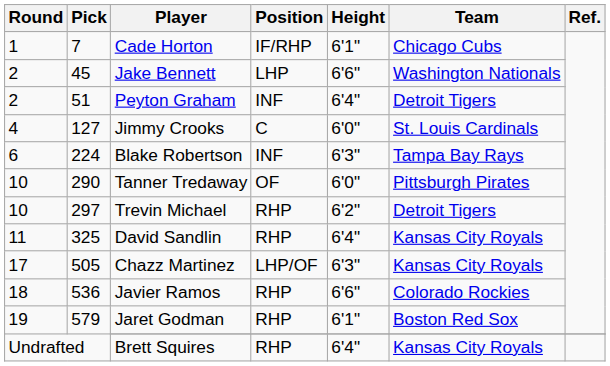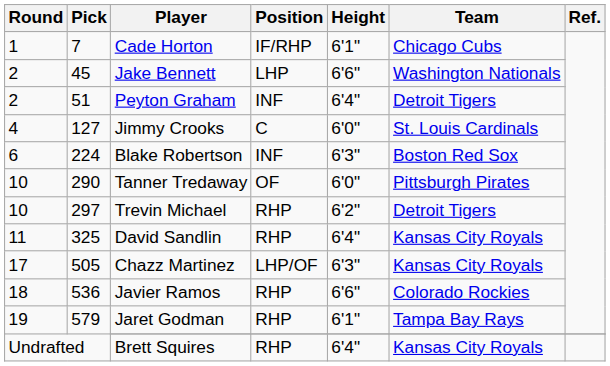 <table class="wikitable sortable">
 <tr>
 <th style="text-align:center; ">Round</th>
 <th style="text-align:center; ">Pick</th>
 <th style="text-align:center; ">Player</th>
 <th style="text-align:center; ">Position</th>
 <th style="text-align:center; ">Height</th>
 <th style="text-align:center; ">Team</th>
 <th style="text-align:center; ">Ref.</th>
 </tr>
 <tr>
 <td>1</td>
 <td>7</td>
 <td><a href='#'>Cade Horton</a></td>
 <td>IF/RHP</td>
 <td>6'1"</td>
 <td><a href='#'>Chicago Cubs</a></td>
 <td rowspan="11" colspan="1"></td>
 </tr>
 <tr>
 <td>2</td>
 <td>45</td>
 <td><a href='#'>Jake Bennett</a></td>
 <td>LHP</td>
 <td>6'6"</td>
 <td><a href='#'>Washington Nationals</a></td>
 </tr>
 <tr>
 <td>2</td>
 <td>51</td>
 <td><a href='#'>Peyton Graham</a></td>
 <td>INF</td>
 <td>6'4"</td>
 <td><a href='#'>Detroit Tigers</a></td>
 </tr>
 <tr>
 <td>4</td>
 <td>127</td>
 <td>Jimmy Crooks</td>
 <td>C</td>
 <td>6'0"</td>
 <td><a href='#'>St. Louis Cardinals</a></td>
 </tr>
 <tr>
 <td>6</td>
 <td>224</td>
 <td>Blake Robertson</td>
 <td>INF</td>
 <td>6'3"</td>
-<td><a href='#'>Tampa Bay Rays</a></td>
+<td><a href='#'>Boston Red Sox</a></td>
 </tr>
 <tr>
 <td>10</td>
 <td>290</td>
 <td>Tanner Tredaway</td>
 <td>OF</td>
 <td>6'0"</td>
 <td><a href='#'>Pittsburgh Pirates</a></td>
 </tr>
 <tr>
 <td>10</td>
 <td>297</td>
 <td>Trevin Michael</td>
 <td>RHP</td>
 <td>6'2"</td>
 <td><a href='#'>Detroit Tigers</a></td>
 </tr>
 <tr>
 <td>11</td>
 <td>325</td>
 <td>David Sandlin</td>
 <td>RHP</td>
 <td>6'4"</td>
 <td><a href='#'>Kansas City Royals</a></td>
 </tr>
 <tr>
 <td>17</td>
 <td>505</td>
 <td>Chazz Martinez</td>
 <td>LHP/OF</td>
 <td>6'3"</td>
 <td><a href='#'>Kansas City Royals</a></td>
 </tr>
 <tr>
 <td>18</td>
 <td>536</td>
 <td>Javier Ramos</td>
 <td>RHP</td>
 <td>6'6"</td>
 <td><a href='#'>Colorado Rockies</a></td>
 </tr>
 <tr>
 <td>19</td>
 <td>579</td>
 <td>Jaret Godman</td>
 <td>RHP</td>
 <td>6'1"</td>
-<td><a href='#'>Boston Red Sox</a></td>
+<td><a href='#'>Tampa Bay Rays</a></td>
 </tr>
 <tr>
 <td rowspan="2" colspan="2">Undrafted</td>
 </tr>
 <tr>
 <td>Brett Squires</td>
 <td>RHP</td>
 <td>6'4"</td>
 <td><a href='#'>Kansas City Royals</a></td>
 <td></td>
 </tr>
 </table>
